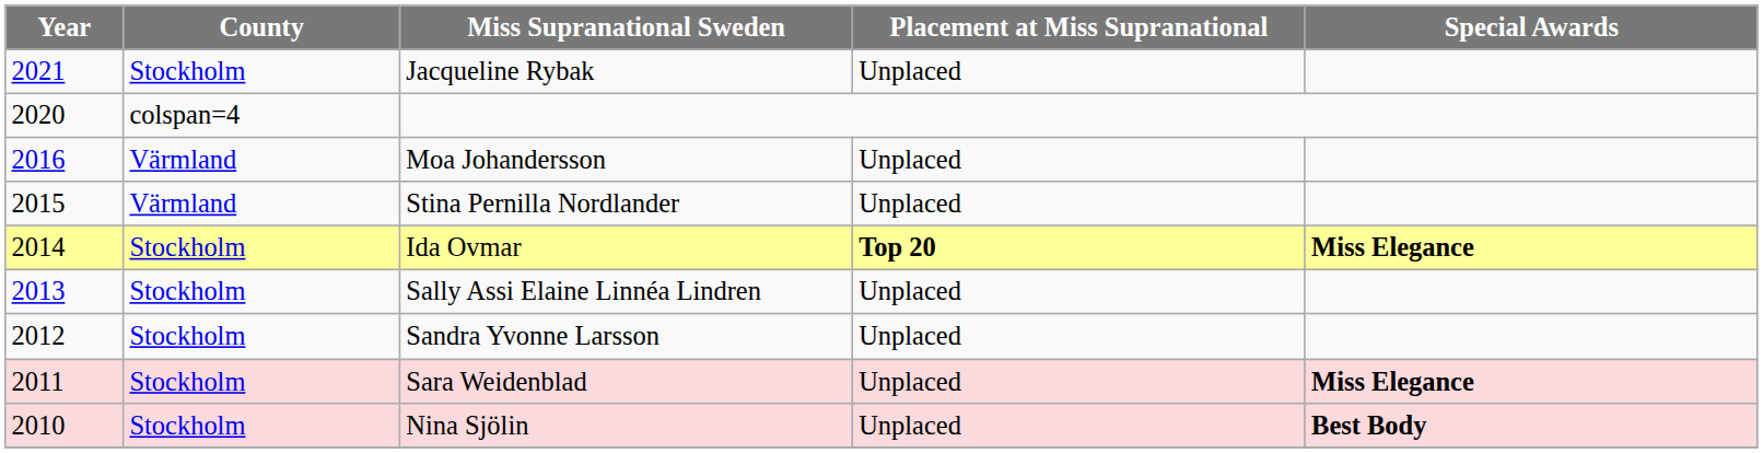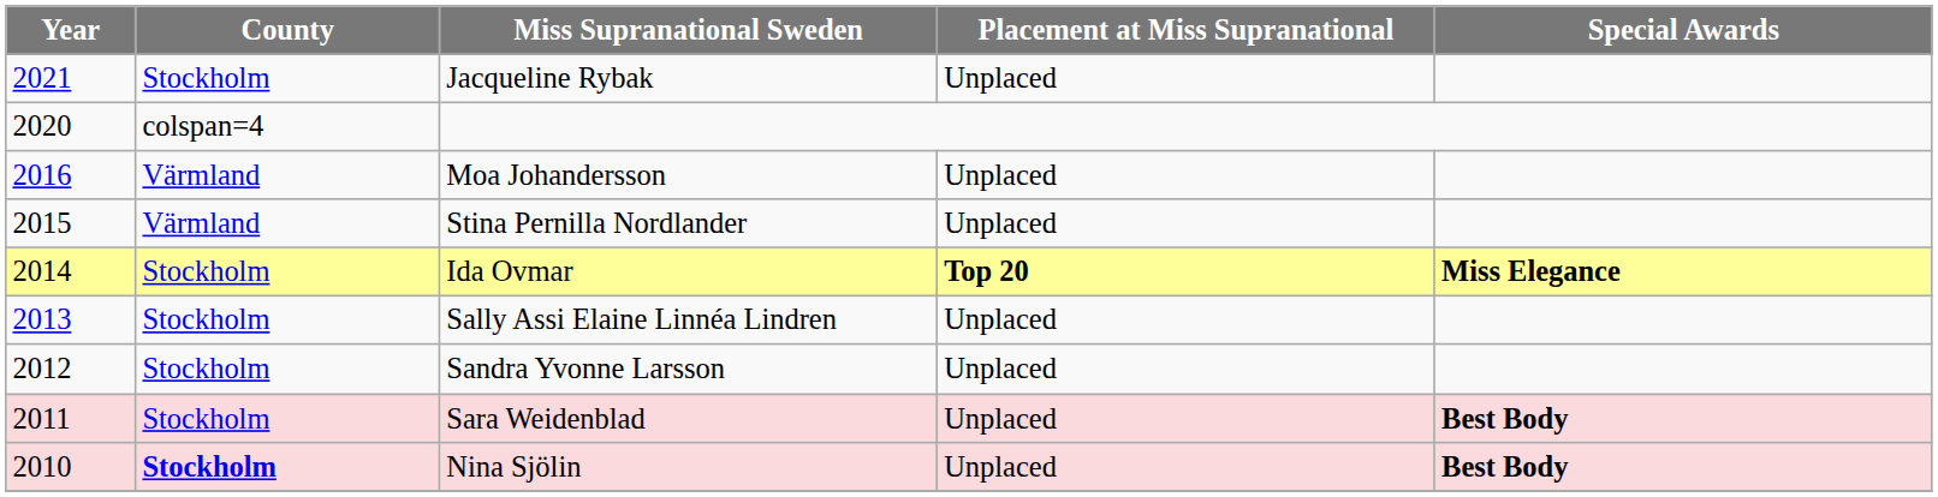 <table class="wikitable " style="font-size: 95%;">
 <tr>
 <th width="60" style="background-color:#787878;color:#FFFFFF;">Year</th>
 <th width="150" style="background-color:#787878;color:#FFFFFF;">County</th>
 <th width="250" style="background-color:#787878;color:#FFFFFF;">Miss Supranational Sweden</th>
 <th width="250" style="background-color:#787878;color:#FFFFFF;">Placement at Miss Supranational</th>
 <th width="250" style="background-color:#787878;color:#FFFFFF;">Special Awards</th>
 </tr>
 <tr>
 <td><a href='#'>2021</a></td>
 <td><a href='#'>Stockholm</a></td>
 <td>Jacqueline Rybak</td>
 <td>Unplaced</td>
 <td></td>
 </tr>
 <tr>
 <td>2020</td>
 <td>colspan=4 </td>
 </tr>
 <tr>
 <td><a href='#'>2016</a></td>
 <td><a href='#'>Värmland</a></td>
 <td>Moa Johandersson</td>
 <td>Unplaced</td>
 <td></td>
 </tr>
 <tr>
 <td>2015</td>
 <td><a href='#'>Värmland</a></td>
 <td>Stina Pernilla Nordlander</td>
 <td>Unplaced</td>
 <td></td>
 </tr>
 <tr style="background-color:#FFFF99;">
 <td>2014</td>
 <td><a href='#'>Stockholm</a></td>
 <td>Ida Ovmar</td>
 <td><strong>Top 20</strong></td>
 <td><strong>Miss Elegance</strong></td>
 </tr>
 <tr>
 <td><a href='#'>2013</a></td>
 <td><a href='#'>Stockholm</a></td>
 <td>Sally Assi Elaine Linnéa Lindren</td>
 <td>Unplaced</td>
 <td></td>
 </tr>
 <tr>
 <td>2012</td>
 <td><a href='#'>Stockholm</a></td>
 <td>Sandra Yvonne Larsson</td>
 <td>Unplaced</td>
 <td></td>
 </tr>
 <tr style="background-color:#FADADD;">
 <td>2011</td>
 <td><a href='#'>Stockholm</a></td>
 <td>Sara Weidenblad</td>
 <td>Unplaced</td>
-<td><strong>Miss Elegance</strong></td>
+<td><strong>Best Body</strong></td>
 </tr>
 <tr style="background-color:#FADADD;">
 <td>2010</td>
-<td><a href='#'>Stockholm</a></td>
+<td><strong><a href='#'>Stockholm</a></strong></td>
 <td>Nina Sjölin</td>
 <td>Unplaced</td>
 <td><strong>Best Body</strong></td>
 </tr>
 <tr>
 </tr>
 </table>
